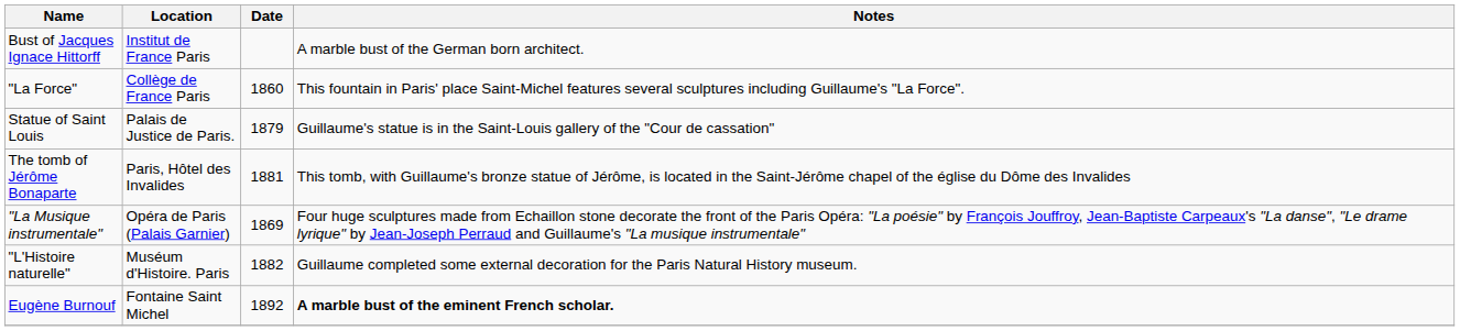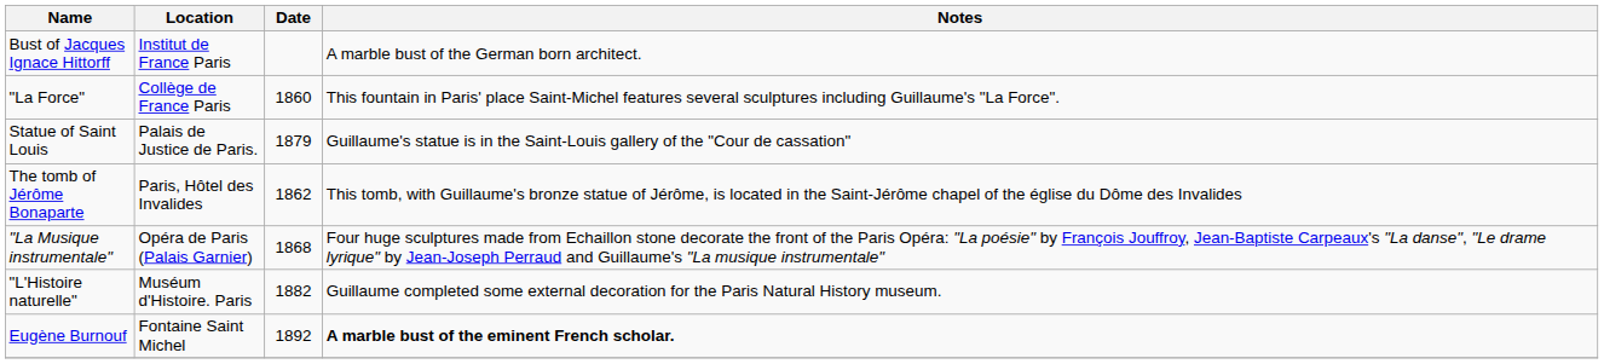 <table class="wikitable sortable plainrowheaders">
 <tr>
 <th style="width:120px">Name</th>
 <th style="width:120px">Location</th>
 <th style="width:50px">Date</th>
 <th class="unsortable">Notes</th>
 </tr>
 <tr>
 <td>Bust of <a href='#'>Jacques Ignace Hittorff</a></td>
 <td><a href='#'>Institut de France</a> Paris</td>
 <td align="center"></td>
 <td>A marble bust of the German born architect.<br></td>
 </tr>
 <tr>
 <td>"La Force"</td>
 <td><a href='#'>Collège de France</a> Paris</td>
 <td align="center">1860</td>
 <td>This fountain in Paris' place Saint-Michel features several sculptures including Guillaume's "La Force".<br></td>
 </tr>
 <tr>
 <td>Statue of Saint Louis</td>
 <td>Palais de Justice de Paris.</td>
 <td align="center">1879</td>
 <td>Guillaume's statue is in the Saint-Louis gallery  of the "Cour de cassation"<br></td>
 </tr>
 <tr>
 <td>The tomb of <a href='#'>Jérôme Bonaparte</a></td>
 <td>Paris, Hôtel des Invalides</td>
-<td align="center">1881</td>
+<td align="center">1862</td>
 <td>This tomb, with Guillaume's bronze statue of Jérôme, is located in the Saint-Jérôme chapel of the église du Dôme des Invalides<br></td>
 </tr>
 <tr>
 <td><em>"La Musique instrumentale"</em></td>
 <td>Opéra de Paris (<a href='#'>Palais Garnier</a>)</td>
-<td align="center">1869</td>
+<td align="center">1868</td>
 <td>Four huge sculptures made from Echaillon stone decorate the front of the Paris Opéra: <em>"La poésie"</em> by <a href='#'>François Jouffroy</a>,  <a href='#'>Jean-Baptiste Carpeaux</a>'s  <em>"La danse"</em>, <em>"Le drame lyrique"</em> by <a href='#'>Jean-Joseph Perraud</a> and Guillaume's <em>"La musique instrumentale"</em><br> </td>
 </tr>
 <tr>
 <td>"L'Histoire naturelle"</td>
 <td>Muséum d'Histoire. Paris</td>
 <td align="center">1882</td>
 <td>Guillaume completed some external decoration for the Paris Natural History museum.<br></td>
 </tr>
 <tr>
 <td><a href='#'>Eugène Burnouf</a></td>
 <td>Fontaine Saint Michel</td>
 <td align="center">1892</td>
 <td><strong>A marble bust of the eminent French scholar.<br></strong></td>
 </tr>
 <tr>
 </tr>
 </table>
